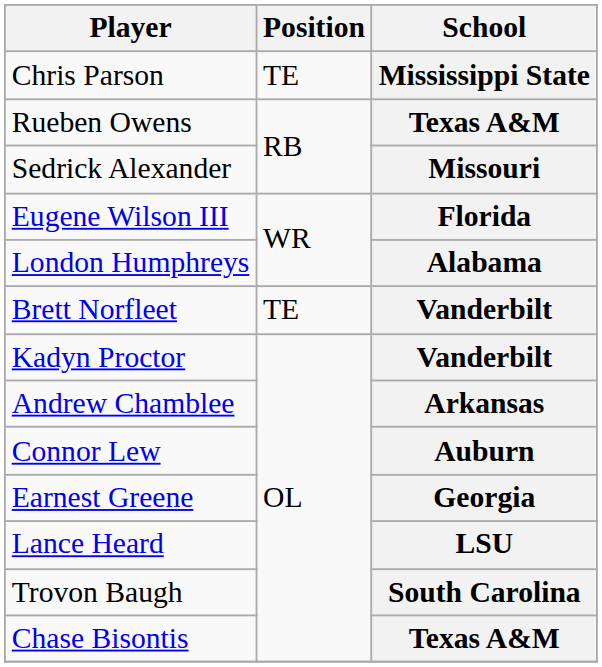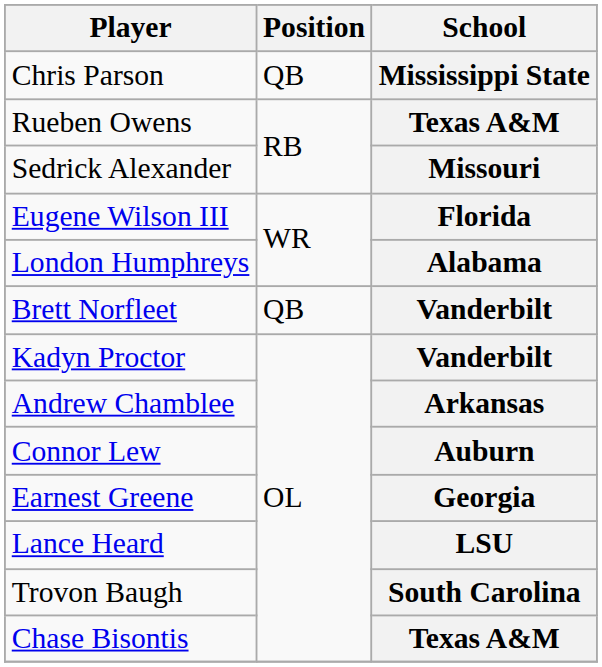 <table class="wikitable" border="0">
 <tr>
 <th>Player</th>
 <th>Position</th>
 <th>School</th>
 </tr>
 <tr>
 <td>Chris Parson</td>
-<td>TE</td>
+<td>QB</td>
 <th>Mississippi State</th>
 </tr>
 <tr>
 <td>Rueben Owens</td>
 <td rowspan=2>RB</td>
 <th>Texas A&M</th>
 </tr>
 <tr>
 <td>Sedrick Alexander</td>
 <th>Missouri</th>
 </tr>
 <tr>
 <td><a href='#'>Eugene Wilson III</a></td>
 <td rowspan=2>WR</td>
 <th>Florida</th>
 </tr>
 <tr>
 <td><a href='#'>London Humphreys</a></td>
 <th>Alabama</th>
 </tr>
 <tr>
 <td><a href='#'>Brett Norfleet</a></td>
-<td>TE</td>
+<td>QB</td>
 <th>Vanderbilt</th>
 </tr>
 <tr>
 <td><a href='#'>Kadyn Proctor</a></td>
 <td rowspan=7>OL</td>
 <th>Vanderbilt</th>
 </tr>
 <tr>
 <td><a href='#'>Andrew Chamblee</a></td>
 <th>Arkansas</th>
 </tr>
 <tr>
 <td><a href='#'>Connor Lew</a></td>
 <th>Auburn</th>
 </tr>
 <tr>
 <td><a href='#'>Earnest Greene</a></td>
 <th>Georgia</th>
 </tr>
 <tr>
 <td><a href='#'>Lance Heard</a></td>
 <th>LSU</th>
 </tr>
 <tr>
 <td>Trovon Baugh</td>
 <th>South Carolina</th>
 </tr>
 <tr>
 <td><a href='#'>Chase Bisontis</a></td>
 <th>Texas A&M</th>
 </tr>
 <tr>
 </tr>
 </table>
